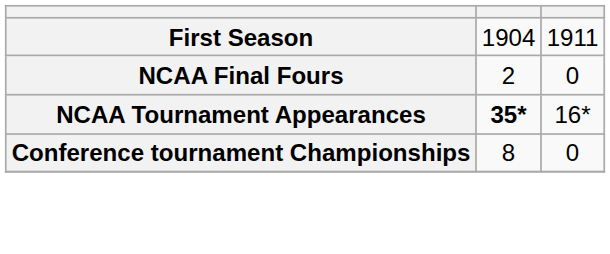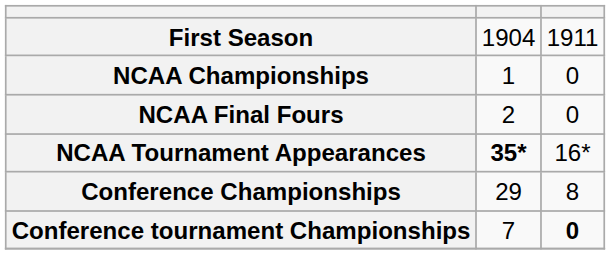 <table class="wikitable" style="float:right; clear:right; margin-left:1em; font-size:88%;">
 <tr>
 <th></th>
 <th><a href='#'></a></th>
 <th><a href='#'></a></th>
 </tr>
 <tr>
 <th scope=row>First Season</th>
 <td align=center>1904</td>
 <td align=center>1911</td>
 </tr>
 <tr>
+<th scope=row>NCAA Championships</th>
+<td align=center>1</td>
+<td align=center>0</td>
+</tr>
+<tr>
 <th scope=row>NCAA Final Fours</th>
 <td align=center>2</td>
 <td align=center>0</td>
 </tr>
 <tr>
 <th scope=row>NCAA Tournament Appearances</th>
 <td align=center><strong>35*</strong></td>
 <td align=center>16*</td>
 </tr>
 <tr>
+<th scope=row>Conference Championships</th>
+<td align=center>29</td>
+<td align=center>8</td>
+</tr>
+<tr>
 <th scope=row>Conference tournament Championships</th>
-<td align=center>8</td>
-<td align=center>0</td>
+<td align=center>7</td>
+<td align=center><strong>0</strong></td>
 </tr>
 <tr>
 </tr>
 </table>
